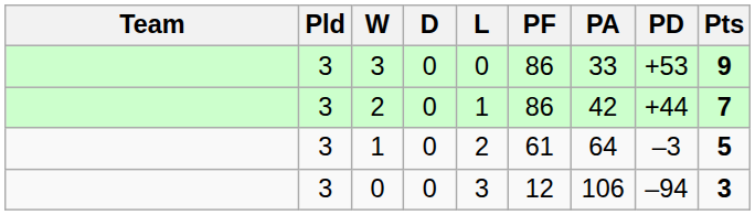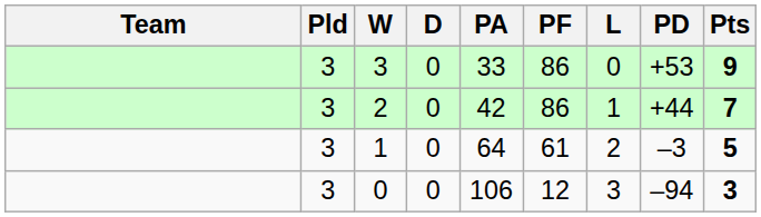 <table class="wikitable" style="text-align:center;">
 <tr>
 <th width=175>Team</th>
 <th width=25 abbr="Played">Pld</th>
 <th width=25 abbr="Won">W</th>
 <th width=25 abbr="Drawn">D</th>
+<th width=32 abbr="Points against">PA</th>
+<th width=32 abbr="Points for">PF</th>
 <th width=25 abbr="Lost">L</th>
-<th width=32 abbr="Points for">PF</th>
-<th width=32 abbr="Points against">PA</th>
 <th width=32 abbr="Points difference">PD</th>
 <th width=25 abbr="Points">Pts</th>
 </tr>
 <tr bgcolor=ccffcc>
 <td align=left></td>
 <td>3</td>
 <td>3</td>
 <td>0</td>
+<td>33</td>
+<td>86</td>
 <td>0</td>
-<td>86</td>
-<td>33</td>
 <td>+53</td>
 <td><strong>9</strong></td>
 </tr>
 <tr bgcolor=ccffcc>
 <td align=left></td>
 <td>3</td>
 <td>2</td>
 <td>0</td>
+<td>42</td>
+<td>86</td>
 <td>1</td>
-<td>86</td>
-<td>42</td>
 <td>+44</td>
 <td><strong>7</strong></td>
 </tr>
 <tr>
 <td align=left></td>
 <td>3</td>
 <td>1</td>
 <td>0</td>
+<td>64</td>
+<td>61</td>
 <td>2</td>
-<td>61</td>
-<td>64</td>
 <td>–3</td>
 <td><strong>5</strong></td>
 </tr>
 <tr>
 <td align=left></td>
 <td>3</td>
 <td>0</td>
 <td>0</td>
+<td>106</td>
+<td>12</td>
 <td>3</td>
-<td>12</td>
-<td>106</td>
 <td>–94</td>
 <td><strong>3</strong></td>
 </tr>
 </table>
